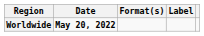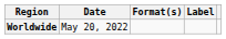 <table class="wikitable plainrowheaders">
 <tr>
 <th scope="col">Region</th>
 <th scope="col">Date</th>
 <th scope="col">Format(s)</th>
 <th scope="col">Label</th>
 <th scope="col"></th>
 </tr>
 <tr>
 <th scope="row" rowspan="2">Worldwide</th>
-<td><strong>May 20, 2022</strong></td>
+<td>May 20, 2022</td>
 <td></td>
 <td></td>
 <td></td>
 </tr>
 </table>
